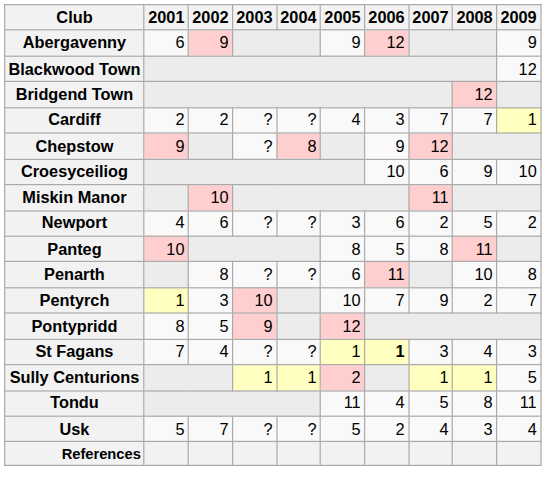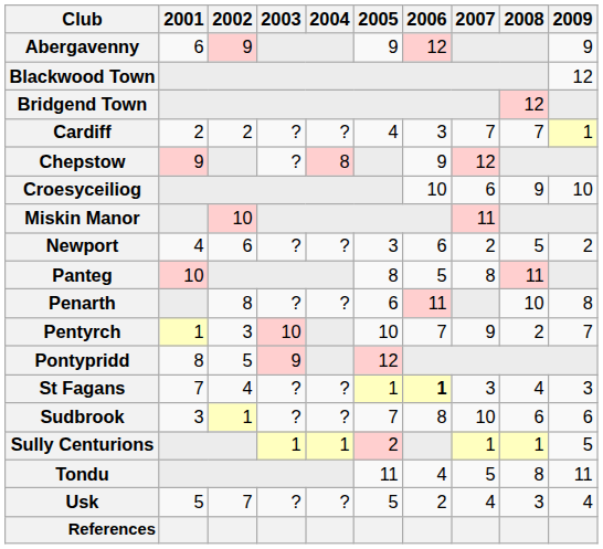 <table class="wikitable plainrowheaders" style="font-size:85%; text-align: right;">
 <tr>
 <th scope="col">Club</th>
 <th scope="col">2001</th>
 <th scope="col">2002</th>
 <th scope="col">2003</th>
 <th scope="col">2004</th>
 <th scope="col">2005</th>
 <th scope="col">2006</th>
 <th scope="col">2007</th>
 <th scope="col">2008</th>
 <th scope="col">2009</th>
 </tr>
 <tr>
 <th scope="row">Abergavenny</th>
 <td>6</td>
 <td bgcolor="#ffcfcf">9</td>
 <td bgcolor="#ececec" colspan="2"></td>
 <td>9</td>
 <td bgcolor="#ffcfcf">12</td>
 <td bgcolor="#ececec" colspan="2"></td>
 <td>9</td>
 </tr>
 <tr>
 <th scope="row">Blackwood Town</th>
 <td bgcolor="#ececec" colspan="8"></td>
 <td>12</td>
 </tr>
 <tr>
 <th scope="row">Bridgend Town</th>
 <td bgcolor="#ececec" colspan="7"></td>
 <td bgcolor="#ffcfcf">12</td>
 <td bgcolor="#ececec"></td>
 </tr>
 <tr>
 <th scope="row">Cardiff</th>
 <td>2</td>
 <td>2</td>
 <td>?</td>
 <td>?</td>
 <td>4</td>
 <td>3</td>
 <td>7</td>
 <td>7</td>
 <td bgcolor="#ffffbf">1</td>
 </tr>
 <tr>
 <th scope="row">Chepstow</th>
 <td bgcolor="#ffcfcf">9</td>
 <td bgcolor="#ececec"></td>
 <td>?</td>
 <td bgcolor="#ffcfcf">8</td>
 <td bgcolor="#ececec"></td>
 <td>9</td>
 <td bgcolor="#ffcfcf">12</td>
 <td bgcolor="#ececec" colspan="2"></td>
 </tr>
 <tr>
 <th scope="row">Croesyceiliog</th>
 <td bgcolor="#ececec" colspan="5"></td>
 <td>10</td>
 <td>6</td>
 <td>9</td>
 <td>10</td>
 </tr>
 <tr>
 <th scope="row">Miskin Manor</th>
 <td bgcolor="#ececec"></td>
 <td bgcolor="#ffcfcf">10</td>
 <td bgcolor="#ececec" colspan="4"></td>
 <td bgcolor="#ffcfcf">11</td>
 <td bgcolor="#ececec" colspan="2"></td>
 </tr>
 <tr>
 <th scope="row">Newport</th>
 <td>4</td>
 <td>6</td>
 <td>?</td>
 <td>?</td>
 <td>3</td>
 <td>6</td>
 <td>2</td>
 <td>5</td>
 <td>2</td>
 </tr>
 <tr>
 <th scope="row">Panteg</th>
 <td bgcolor="#ffcfcf">10</td>
 <td bgcolor="#ececec" colspan="3"></td>
 <td>8</td>
 <td>5</td>
 <td>8</td>
 <td bgcolor="#ffcfcf">11</td>
 <td bgcolor="#ececec"></td>
 </tr>
 <tr>
 <th scope="row">Penarth</th>
 <td bgcolor="#ececec"></td>
 <td>8</td>
 <td>?</td>
 <td>?</td>
 <td>6</td>
 <td bgcolor="#ffcfcf">11</td>
 <td bgcolor="#ececec"></td>
 <td>10</td>
 <td>8</td>
 </tr>
 <tr>
 <th scope="row">Pentyrch</th>
 <td bgcolor="#ffffbf">1</td>
 <td>3</td>
 <td bgcolor="#ffcfcf">10</td>
 <td bgcolor="#ececec"></td>
 <td>10</td>
 <td>7</td>
 <td>9</td>
 <td>2</td>
 <td>7</td>
 </tr>
 <tr>
 <th scope="row">Pontypridd</th>
 <td>8</td>
 <td>5</td>
 <td bgcolor="#ffcfcf">9</td>
 <td bgcolor="#ececec"></td>
 <td bgcolor="#ffcfcf">12</td>
 <td bgcolor="#ececec" colspan="4"></td>
 </tr>
 <tr>
 <th scope="row">St Fagans</th>
 <td>7</td>
 <td>4</td>
 <td>?</td>
 <td>?</td>
 <td bgcolor="#ffffbf">1</td>
 <td bgcolor="#ffffbf"><strong>1</strong></td>
 <td>3</td>
 <td>4</td>
 <td>3</td>
 </tr>
 <tr>
+<th scope="row">Sudbrook</th>
+<td>3</td>
+<td bgcolor="#ffffbf">1</td>
+<td>?</td>
+<td>?</td>
+<td>7</td>
+<td>8</td>
+<td>10</td>
+<td>6</td>
+<td>6</td>
+</tr>
+<tr>
 <th scope="row">Sully Centurions </th>
 <td bgcolor="#ececec" colspan="2"></td>
 <td bgcolor="#ffffbf">1</td>
 <td bgcolor="#ffffbf">1</td>
 <td bgcolor="#ffcfcf">2</td>
 <td bgcolor="#ececec"></td>
 <td bgcolor="#ffffbf">1</td>
 <td bgcolor="#ffffbf">1</td>
 <td>5</td>
 </tr>
 <tr>
 <th scope="row">Tondu</th>
 <td bgcolor="#ececec" colspan="4"></td>
 <td>11</td>
 <td>4</td>
 <td>5</td>
 <td>8</td>
 <td>11</td>
 </tr>
 <tr>
 <th scope="row">Usk</th>
 <td>5</td>
 <td>7</td>
 <td>?</td>
 <td>?</td>
 <td>5</td>
 <td>2</td>
 <td>4</td>
 <td>3</td>
 <td>4</td>
 </tr>
 <tr style="font-size:90%; text-align:center">
 <th scope="row" style="text-align: right">References</th>
 <th scope="col"></th>
 <th scope="col"></th>
 <th scope="col"></th>
 <th scope="col"></th>
 <th scope="col"></th>
 <th scope="col"></th>
 <th scope="col"></th>
 <th scope="col"></th>
 <th scope="col"></th>
 </tr>
 </table>
